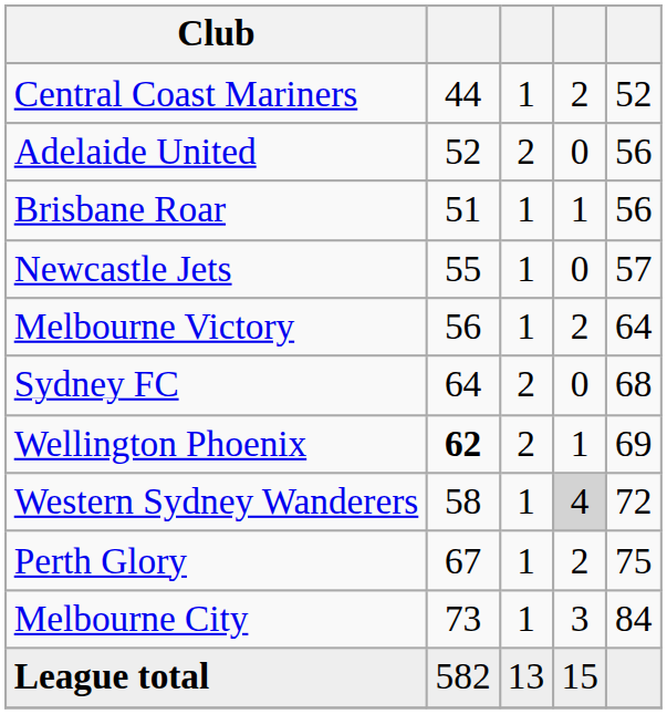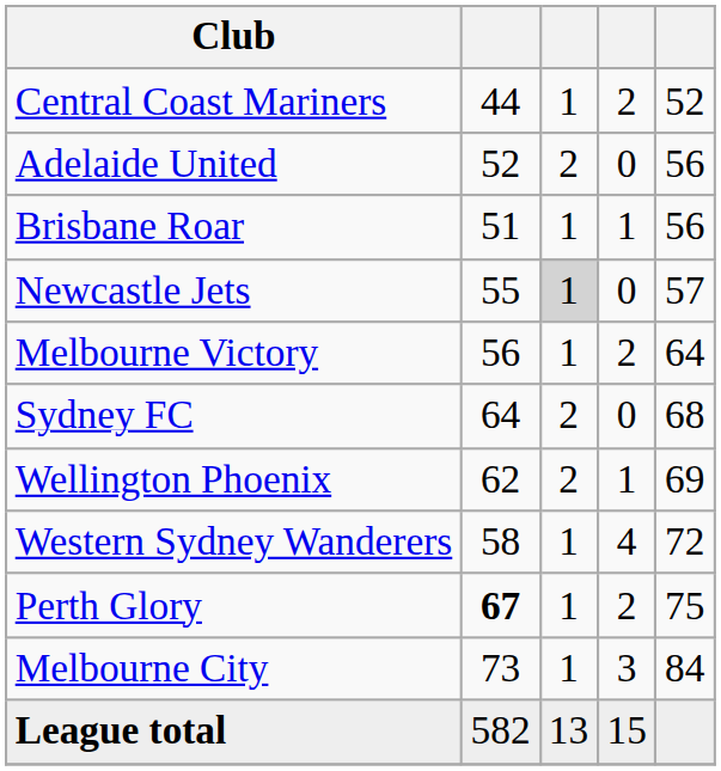 <table class="wikitable sortable" style="text-align:center">
 <tr>
 <th>Club</th>
 <th></th>
 <th></th>
 <th></th>
 <th></th>
 </tr>
 <tr>
 <td align="left"><a href='#'>Central Coast Mariners</a></td>
 <td>44</td>
 <td>1</td>
 <td>2</td>
 <td>52</td>
 </tr>
 <tr>
 <td align="left"><a href='#'>Adelaide United</a></td>
 <td>52</td>
 <td>2</td>
 <td>0</td>
 <td>56</td>
 </tr>
 <tr>
 <td align="left"><a href='#'>Brisbane Roar</a></td>
 <td>51</td>
 <td>1</td>
 <td>1</td>
 <td>56</td>
 </tr>
 <tr>
 <td align="left"><a href='#'>Newcastle Jets</a></td>
 <td>55</td>
-<td>1</td>
+<td style="background: lightgrey;">1</td>
 <td>0</td>
 <td>57</td>
 </tr>
 <tr>
 <td align="left"><a href='#'>Melbourne Victory</a></td>
 <td>56</td>
 <td>1</td>
 <td>2</td>
 <td>64</td>
 </tr>
 <tr>
 <td align="left"><a href='#'>Sydney FC</a></td>
 <td>64</td>
 <td>2</td>
 <td>0</td>
 <td>68</td>
 </tr>
 <tr>
 <td align="left"><a href='#'>Wellington Phoenix</a></td>
-<td><strong>62</strong></td>
+<td>62</td>
 <td>2</td>
 <td>1</td>
 <td>69</td>
 </tr>
 <tr>
 <td align="left"><a href='#'>Western Sydney Wanderers</a></td>
 <td>58</td>
 <td>1</td>
-<td style="background: lightgrey;">4</td>
+<td>4</td>
 <td>72</td>
 </tr>
 <tr>
 <td align="left"><a href='#'>Perth Glory</a></td>
-<td>67</td>
+<td><strong>67</strong></td>
 <td>1</td>
 <td>2</td>
 <td>75</td>
 </tr>
 <tr>
 <td align="left"><a href='#'>Melbourne City</a></td>
 <td>73</td>
 <td>1</td>
 <td>3</td>
 <td>84</td>
 </tr>
 <tr class="sortbottom" style="background:#eeeeee;">
 <td align="left"><strong>League total</strong></td>
 <td>582</td>
 <td>13</td>
 <td>15</td>
 <td></td>
 </tr>
 <tr>
 </tr>
 </table>
